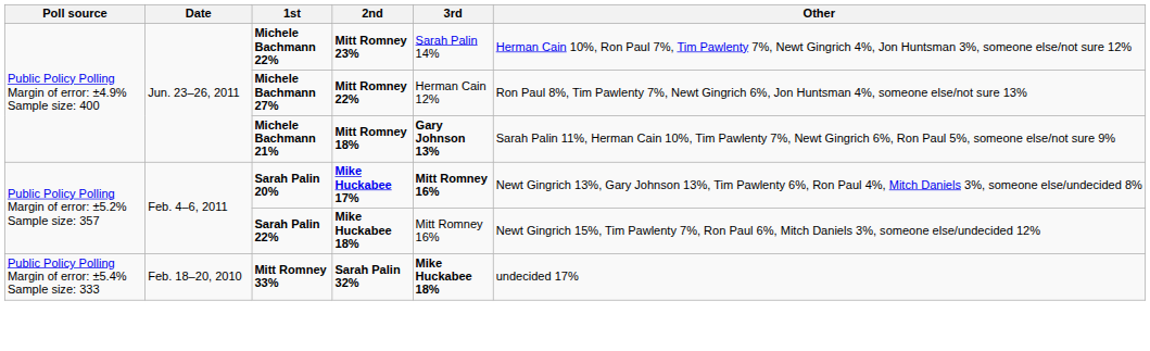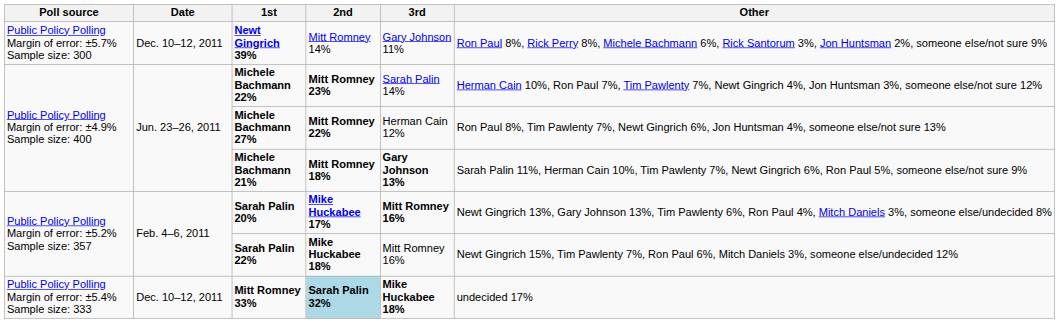 <table class="wikitable">
 <tr>
 <th style="width:180px;">Poll source</th>
 <th style="width:135px;">Date</th>
 <th style="width:100px;">1st</th>
 <th style="width:100px;">2nd</th>
 <th style="width:100px;">3rd</th>
 <th>Other</th>
+</tr>
+<tr>
+<td><a href='#'>Public Policy Polling</a><br>Margin of error: ±5.7% <br>Sample size: 300</td>
+<td>Dec. 10–12, 2011</td>
+<td><strong><a href='#'>Newt Gingrich</a> <br>39%</strong></td>
+<td><a href='#'>Mitt Romney</a> <br>14%</td>
+<td><a href='#'>Gary Johnson</a> <br>11%</td>
+<td><a href='#'>Ron Paul</a> 8%, <a href='#'>Rick Perry</a> 8%, <a href='#'>Michele Bachmann</a> 6%, <a href='#'>Rick Santorum</a> 3%, <a href='#'>Jon Huntsman</a> 2%, someone else/not sure 9%</td>
 </tr>
 <tr>
 <td rowspan=3><a href='#'>Public Policy Polling</a><br>Margin of error: ±4.9% <br>Sample size: 400</td>
 <td rowspan=3>Jun. 23–26, 2011</td>
 <td><strong>Michele Bachmann<br>22%</strong></td>
 <td><strong>Mitt Romney<br>23%</strong></td>
 <td><a href='#'>Sarah Palin</a><br>14%</td>
 <td><a href='#'>Herman Cain</a> 10%, Ron Paul 7%, <a href='#'>Tim Pawlenty</a> 7%, Newt Gingrich 4%, Jon Huntsman 3%, someone else/not sure 12%</td>
 </tr>
 <tr>
 <td><strong>Michele Bachmann<br>27%</strong></td>
 <td><strong>Mitt Romney<br>22%</strong></td>
 <td>Herman Cain<br>12%</td>
 <td>Ron Paul 8%, Tim Pawlenty 7%, Newt Gingrich 6%, Jon Huntsman 4%, someone else/not sure 13%</td>
 </tr>
 <tr>
 <td><strong>Michele Bachmann<br>21%</strong></td>
 <td><strong>Mitt Romney<br>18%</strong></td>
 <td><strong>Gary Johnson<br>13%</strong></td>
 <td>Sarah Palin 11%, Herman Cain 10%, Tim Pawlenty 7%, Newt Gingrich 6%, Ron Paul 5%, someone else/not sure 9%</td>
 </tr>
 <tr>
 <td rowspan=2><a href='#'>Public Policy Polling</a><br>Margin of error: ±5.2% <br>Sample size: 357</td>
 <td rowspan=2>Feb. 4–6, 2011</td>
 <td><strong>Sarah Palin<br>20%</strong></td>
 <td><strong><a href='#'>Mike Huckabee</a><br>17%</strong></td>
 <td><strong>Mitt Romney<br>16%</strong></td>
 <td>Newt Gingrich 13%, Gary Johnson 13%, Tim Pawlenty 6%, Ron Paul 4%, <a href='#'>Mitch Daniels</a> 3%, someone else/undecided 8%</td>
 </tr>
 <tr>
 <td><strong>Sarah Palin<br>22%</strong></td>
 <td><strong>Mike Huckabee<br>18%</strong></td>
 <td>Mitt Romney<br>16%</td>
 <td>Newt Gingrich 15%, Tim Pawlenty 7%, Ron Paul 6%, Mitch Daniels 3%, someone else/undecided 12%</td>
 </tr>
 <tr>
 <td><a href='#'>Public Policy Polling</a><br>Margin of error: ±5.4% <br>Sample size: 333</td>
-<td>Feb. 18–20, 2010</td>
+<td>Dec. 10–12, 2011</td>
 <td><strong>Mitt Romney<br>33%</strong></td>
-<td><strong>Sarah Palin<br>32%</strong></td>
+<td style="background: lightblue;"><strong>Sarah Palin<br>32%</strong></td>
 <td><strong>Mike Huckabee<br>18%</strong></td>
 <td>undecided 17%</td>
 </tr>
 </table>
